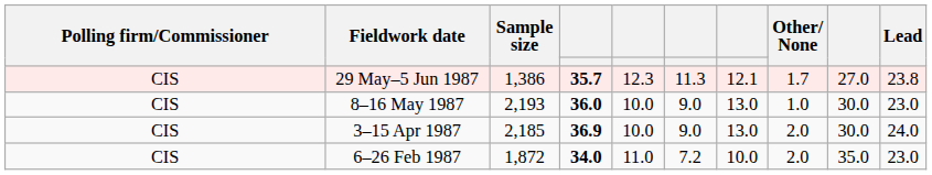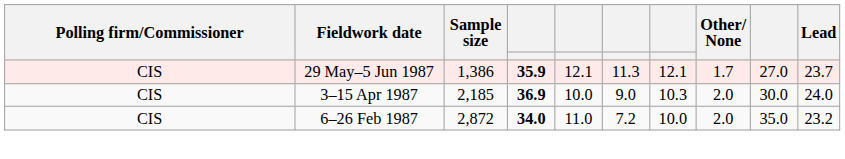 <table class="wikitable collapsible collapsed" style="text-align:center; font-size:90%; line-height:14px;">
 <tr style="height:42px;">
 <th style="width:250px;" rowspan="2">Polling firm/Commissioner</th>
 <th style="width:125px;" rowspan="2">Fieldwork date</th>
 <th style="width:50px;" rowspan="2">Sample size</th>
 <th style="width:35px;"></th>
 <th style="width:35px;"></th>
 <th style="width:35px;"></th>
 <th style="width:35px;"></th>
 <th style="width:35px;" rowspan="2">Other/<br>None</th>
 <th style="width:35px;" rowspan="2"></th>
 <th style="width:30px;" rowspan="2">Lead</th>
 </tr>
 <tr>
 <th style="color:inherit;background:"></th>
 <th style="color:inherit;background:"></th>
 <th style="color:inherit;background:"></th>
 <th style="color:inherit;background:"></th>
 </tr>
 <tr style="background:#FFEAEA;">
 <td>CIS</td>
 <td>29 May–5 Jun 1987</td>
 <td>1,386</td>
-<td><strong>35.7</strong></td>
-<td>12.3</td>
+<td><strong>35.9</strong></td>
+<td>12.1</td>
 <td>11.3</td>
 <td>12.1</td>
 <td>1.7</td>
 <td>27.0</td>
-<td style="background:">23.8</td>
-</tr>
-<tr>
-<td>CIS</td>
-<td>8–16 May 1987</td>
-<td>2,193</td>
-<td><strong>36.0</strong></td>
-<td>10.0</td>
-<td>9.0</td>
-<td>13.0</td>
-<td>1.0</td>
-<td>30.0</td>
-<td style="background:">23.0</td>
+<td style="background:">23.7</td>
 </tr>
 <tr>
 <td>CIS</td>
 <td>3–15 Apr 1987</td>
 <td>2,185</td>
 <td><strong>36.9</strong></td>
 <td>10.0</td>
 <td>9.0</td>
-<td>13.0</td>
+<td>10.3</td>
 <td>2.0</td>
 <td>30.0</td>
 <td style="background:">24.0</td>
 </tr>
 <tr>
 <td>CIS</td>
 <td>6–26 Feb 1987</td>
-<td>1,872</td>
+<td>2,872</td>
 <td><strong>34.0</strong></td>
 <td>11.0</td>
 <td>7.2</td>
 <td>10.0</td>
 <td>2.0</td>
 <td>35.0</td>
-<td style="background:">23.0</td>
+<td style="background:">23.2</td>
 </tr>
 </table>
